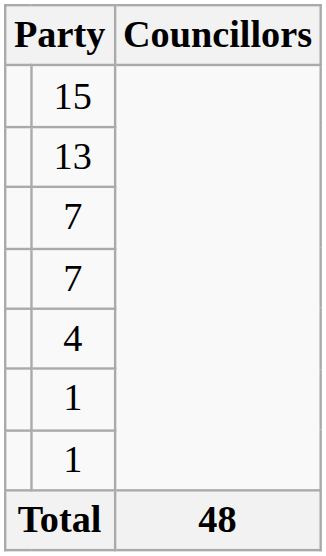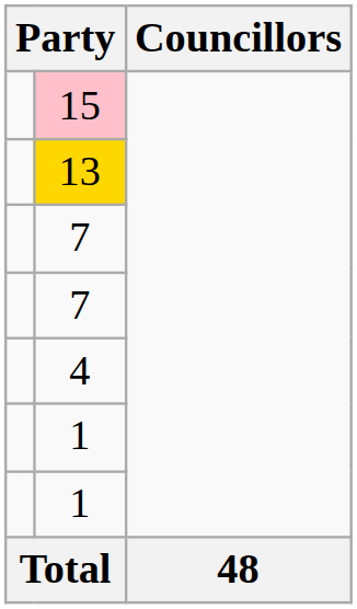 <table class="wikitable">
 <tr>
 <th colspan=2>Party</th>
 <th>Councillors</th>
 </tr>
 <tr>
 <td></td>
-<td align=center>15</td>
+<td align=center style="background: pink;">15</td>
 </tr>
 <tr>
 <td></td>
-<td align=center>13</td>
+<td align=center style="background: gold;">13</td>
 </tr>
 <tr>
 <td></td>
 <td align=center>7</td>
 </tr>
 <tr>
 <td></td>
 <td align=center>7</td>
 </tr>
 <tr>
 <td></td>
 <td align=center>4</td>
 </tr>
 <tr>
 <td></td>
 <td align=center>1</td>
 </tr>
 <tr>
 <td></td>
 <td align=center>1</td>
 </tr>
 <tr>
 <th colspan=2>Total</th>
 <th>48</th>
 </tr>
 </table>
